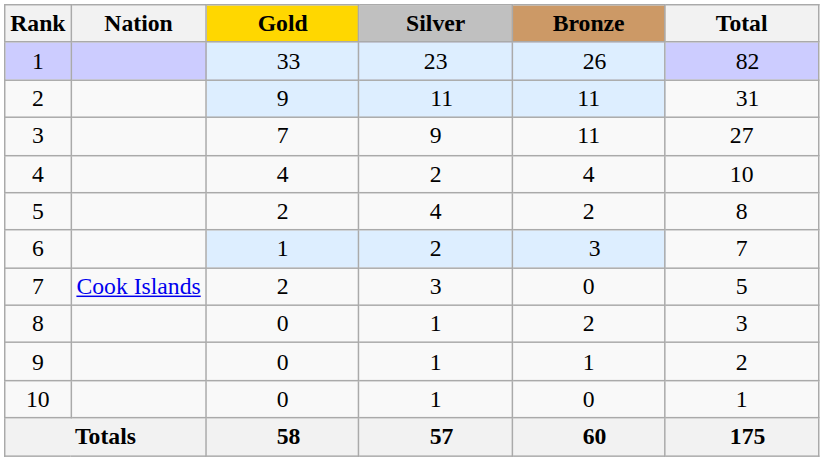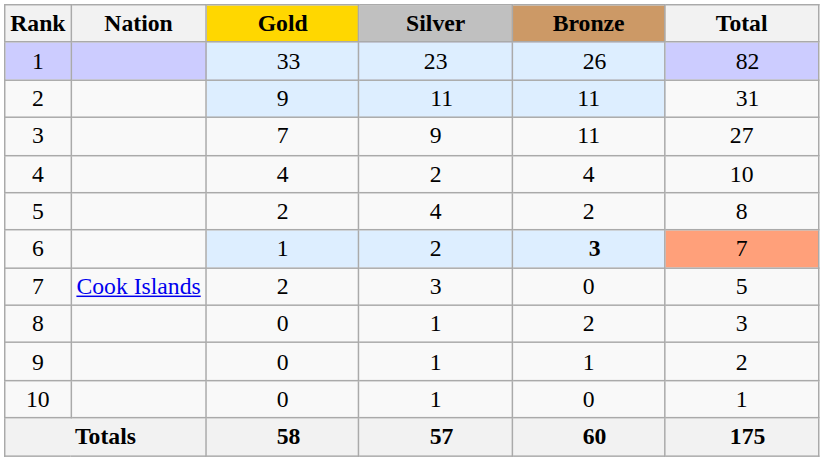 <table class="wikitable sortable plainrowheaders" style="text-align: center">
 <tr>
 <th scope="col">Rank</th>
 <th scope="col">Nation</th>
 <th scope="col" style="background-color:gold; width:6em;">Gold</th>
 <th scope="col" style="background-color:silver; width:6em;">Silver</th>
 <th scope="col" style="background-color:#cc9966; width:6em;">Bronze</th>
 <th scope="col" style="width:6em;">Total</th>
 </tr>
 <tr bgcolor=#ccccff>
 <td>1</td>
 <td align=left></td>
 <td style="background-color:#ddeeff">  33</td>
 <td style="background-color:#ddeeff">23</td>
 <td style="background-color:#ddeeff">  26</td>
 <td>  82</td>
 </tr>
 <tr>
 <td>2</td>
 <td align=left></td>
 <td style="background-color:#ddeeff">9</td>
 <td style="background-color:#ddeeff">  11</td>
 <td style="background-color:#ddeeff">11</td>
 <td>  31</td>
 </tr>
 <tr>
 <td>3</td>
 <td align=left></td>
 <td>7</td>
 <td>9</td>
 <td>11</td>
 <td>27</td>
 </tr>
 <tr>
 <td>4</td>
 <td align=left></td>
 <td>4</td>
 <td>2</td>
 <td>4</td>
 <td>10</td>
 </tr>
 <tr>
 <td>5</td>
 <td align=left></td>
 <td>2</td>
 <td>4</td>
 <td>2</td>
 <td>8</td>
 </tr>
 <tr>
 <td>6</td>
 <td align=left align=left style="background-color:#f9f9f9"></td>
 <td style="background-color:#ddeeff">1</td>
 <td style="background-color:#ddeeff">2</td>
-<td style="background-color:#ddeeff">  3</td>
-<td>7</td>
+<td style="background-color:#ddeeff"><strong>  3</strong></td>
+<td style="background: lightsalmon;">7</td>
 </tr>
 <tr>
 <td>7</td>
 <td align=left> <a href='#'>Cook Islands</a></td>
 <td>2</td>
 <td>3</td>
 <td>0</td>
 <td>5</td>
 </tr>
 <tr>
 <td>8</td>
 <td align=left></td>
 <td>0</td>
 <td>1</td>
 <td>2</td>
 <td>3</td>
 </tr>
 <tr>
 <td>9</td>
 <td align=left></td>
 <td>0</td>
 <td>1 </td>
 <td>1 </td>
 <td>2</td>
 </tr>
 <tr>
 <td>10</td>
 <td align=left></td>
 <td>0</td>
 <td>1</td>
 <td>0</td>
 <td>1</td>
 </tr>
 <tr>
 <th colspan=2>Totals</th>
 <th>  58</th>
 <th>  57</th>
 <th>  60</th>
 <th>  175</th>
 </tr>
 </table>
